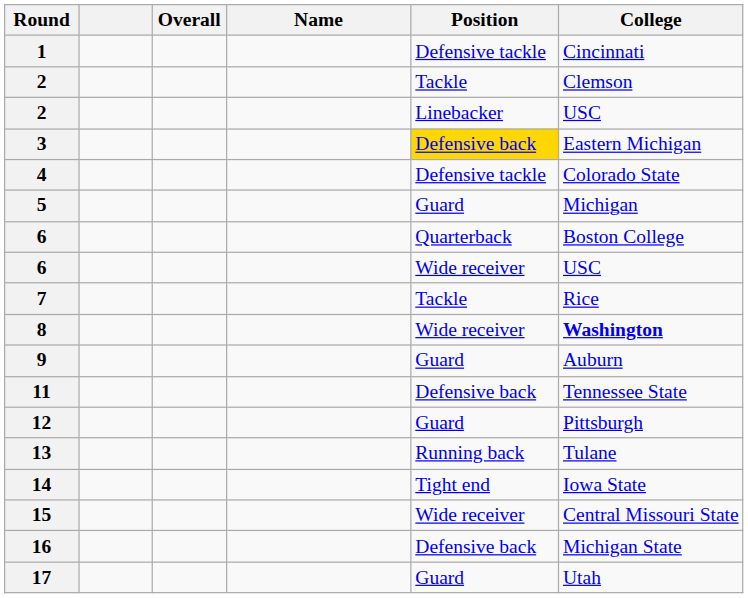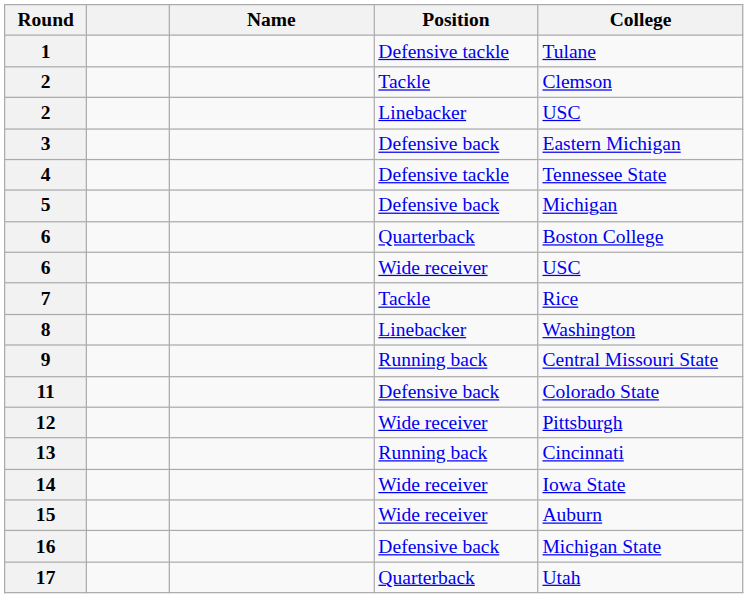 <table class="wikitable sortable">
 <tr>
 <th scope="col" style="width: 10%;">Round</th>
 <th scope="col" style="width: 10%;"></th>
-<th scope="col" style="width: 10%;">Overall</th>
 <th scope="col" style="width: 25%;">Name</th>
 <th scope="col" style="width: 20%;">Position</th>
 <th scope="col" style="width: 25%;">College</th>
 </tr>
 <tr>
 <th scope="row">1</th>
 <td></td>
 <td></td>
-<td></td>
 <td><a href='#'>Defensive tackle</a></td>
-<td><a href='#'>Cincinnati</a></td>
+<td><a href='#'>Tulane</a></td>
 </tr>
 <tr>
 <th scope="row">2</th>
-<td></td>
 <td></td>
 <td></td>
 <td><a href='#'>Tackle</a></td>
 <td><a href='#'>Clemson</a></td>
 </tr>
 <tr>
 <th scope="row">2</th>
 <td></td>
 <td></td>
-<td></td>
 <td><a href='#'>Linebacker</a></td>
 <td><a href='#'>USC</a></td>
 </tr>
 <tr>
 <th scope="row">3</th>
 <td></td>
 <td></td>
-<td></td>
-<td style="background: gold;"><a href='#'>Defensive back</a></td>
+<td><a href='#'>Defensive back</a></td>
 <td><a href='#'>Eastern Michigan</a></td>
 </tr>
 <tr>
 <th scope="row">4</th>
 <td></td>
 <td></td>
-<td></td>
 <td><a href='#'>Defensive tackle</a></td>
-<td><a href='#'>Colorado State</a></td>
+<td><a href='#'>Tennessee State</a></td>
 </tr>
 <tr>
 <th scope="row">5</th>
 <td></td>
 <td></td>
-<td></td>
-<td><a href='#'>Guard</a></td>
+<td><a href='#'>Defensive back</a></td>
 <td><a href='#'>Michigan</a></td>
 </tr>
 <tr>
 <th scope="row">6</th>
-<td></td>
 <td></td>
 <td></td>
 <td><a href='#'>Quarterback</a></td>
 <td><a href='#'>Boston College</a></td>
 </tr>
 <tr>
 <th scope="row">6</th>
 <td></td>
 <td></td>
-<td></td>
 <td><a href='#'>Wide receiver</a></td>
 <td><a href='#'>USC</a></td>
 </tr>
 <tr>
 <th scope="row">7</th>
-<td></td>
 <td></td>
 <td></td>
 <td><a href='#'>Tackle</a></td>
 <td><a href='#'>Rice</a></td>
 </tr>
 <tr>
 <th scope="row">8</th>
 <td></td>
 <td></td>
-<td></td>
-<td><a href='#'>Wide receiver</a></td>
-<td><strong><a href='#'>Washington</a></strong></td>
+<td><a href='#'>Linebacker</a></td>
+<td><a href='#'>Washington</a></td>
 </tr>
 <tr>
 <th scope="row">9</th>
 <td></td>
 <td></td>
-<td></td>
-<td><a href='#'>Guard</a></td>
-<td><a href='#'>Auburn</a></td>
+<td><a href='#'>Running back</a></td>
+<td><a href='#'>Central Missouri State</a></td>
 </tr>
 <tr>
 <th scope="row">11</th>
 <td></td>
 <td></td>
-<td></td>
 <td><a href='#'>Defensive back</a></td>
-<td><a href='#'>Tennessee State</a></td>
+<td><a href='#'>Colorado State</a></td>
 </tr>
 <tr>
 <th scope="row">12</th>
 <td></td>
 <td></td>
-<td></td>
-<td><a href='#'>Guard</a></td>
+<td><a href='#'>Wide receiver</a></td>
 <td><a href='#'>Pittsburgh</a></td>
 </tr>
 <tr>
 <th scope="row">13</th>
 <td></td>
 <td></td>
-<td></td>
 <td><a href='#'>Running back</a></td>
-<td><a href='#'>Tulane</a></td>
+<td><a href='#'>Cincinnati</a></td>
 </tr>
 <tr>
 <th scope="row">14</th>
 <td></td>
 <td></td>
-<td></td>
-<td><a href='#'>Tight end</a></td>
+<td><a href='#'>Wide receiver</a></td>
 <td><a href='#'>Iowa State</a></td>
 </tr>
 <tr>
 <th scope="row">15</th>
 <td></td>
 <td></td>
-<td></td>
 <td><a href='#'>Wide receiver</a></td>
-<td><a href='#'>Central Missouri State</a></td>
+<td><a href='#'>Auburn</a></td>
 </tr>
 <tr>
 <th scope="row">16</th>
-<td></td>
 <td></td>
 <td></td>
 <td><a href='#'>Defensive back</a></td>
 <td><a href='#'>Michigan State</a></td>
 </tr>
 <tr>
 <th scope="row">17</th>
 <td></td>
 <td></td>
-<td></td>
-<td><a href='#'>Guard</a></td>
+<td><a href='#'>Quarterback</a></td>
 <td><a href='#'>Utah</a></td>
 </tr>
 </table>
